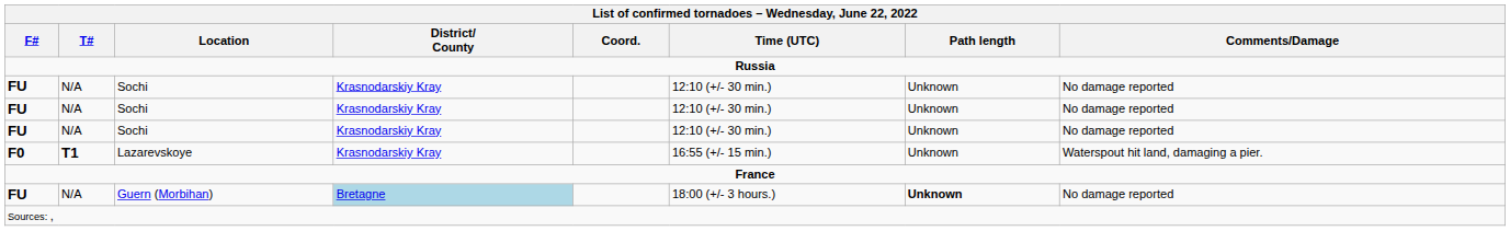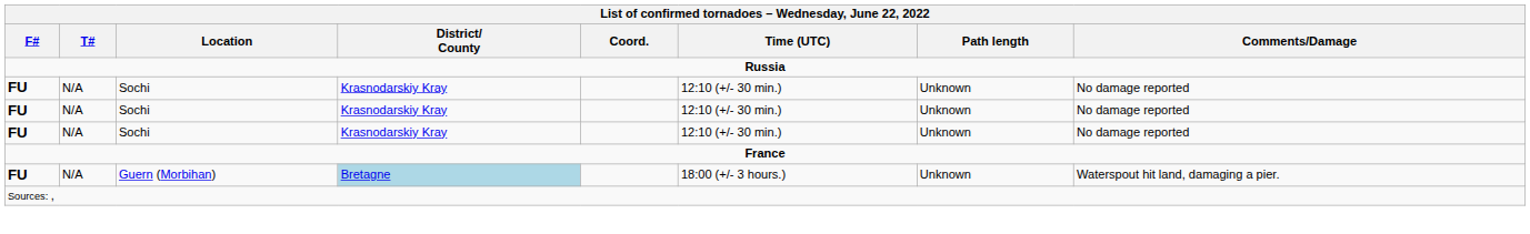 <table class="wikitable collapsible" width="100%">
 <tr>
 <th colspan="8">List of confirmed tornadoes – Wednesday, June 22, 2022</th>
 </tr>
 <tr>
 <th><a href='#'>F#</a></th>
 <th><a href='#'>T#</a></th>
 <th>Location</th>
 <th>District/<br>County</th>
 <th>Coord.</th>
 <th>Time (UTC)</th>
 <th>Path length</th>
 <th>Comments/Damage</th>
 </tr>
 <tr>
 <td colspan="8" align=center><strong>Russia</strong></td>
 </tr>
 <tr>
 <td><big><strong>FU</strong></big></td>
 <td>N/A</td>
 <td>Sochi</td>
 <td><a href='#'>Krasnodarskiy Kray</a></td>
 <td></td>
 <td>12:10 (+/- 30 min.)</td>
 <td>Unknown</td>
 <td>No damage reported</td>
 </tr>
 <tr>
 <td><big><strong>FU</strong></big></td>
 <td>N/A</td>
 <td>Sochi</td>
 <td><a href='#'>Krasnodarskiy Kray</a></td>
 <td></td>
 <td>12:10 (+/- 30 min.)</td>
 <td>Unknown</td>
 <td>No damage reported</td>
 </tr>
 <tr>
 <td><big><strong>FU</strong></big></td>
 <td>N/A</td>
 <td>Sochi</td>
 <td><a href='#'>Krasnodarskiy Kray</a></td>
 <td></td>
 <td>12:10 (+/- 30 min.)</td>
 <td>Unknown</td>
 <td>No damage reported</td>
 </tr>
 <tr>
-<td><big><strong>F0</strong></big></td>
-<td><big><strong>T1</strong></big></td>
-<td>Lazarevskoye</td>
-<td><a href='#'>Krasnodarskiy Kray</a></td>
-<td></td>
-<td>16:55 (+/- 15 min.)</td>
-<td>Unknown</td>
-<td>Waterspout hit land, damaging a pier.</td>
-</tr>
-<tr>
 <td colspan="8" align=center><strong>France</strong></td>
 </tr>
 <tr>
 <td><big><strong>FU</strong></big></td>
 <td>N/A</td>
 <td><a href='#'>Guern</a> (<a href='#'>Morbihan</a>)</td>
 <td style="background: lightblue;"><a href='#'>Bretagne</a></td>
 <td></td>
 <td>18:00 (+/- 3 hours.)</td>
-<td><strong>Unknown</strong></td>
-<td>No damage reported</td>
+<td>Unknown</td>
+<td>Waterspout hit land, damaging a pier.</td>
 </tr>
 <tr>
 <td colspan="8"><small>Sources:  </small>, <small> </small></td>
 </tr>
 </table>
